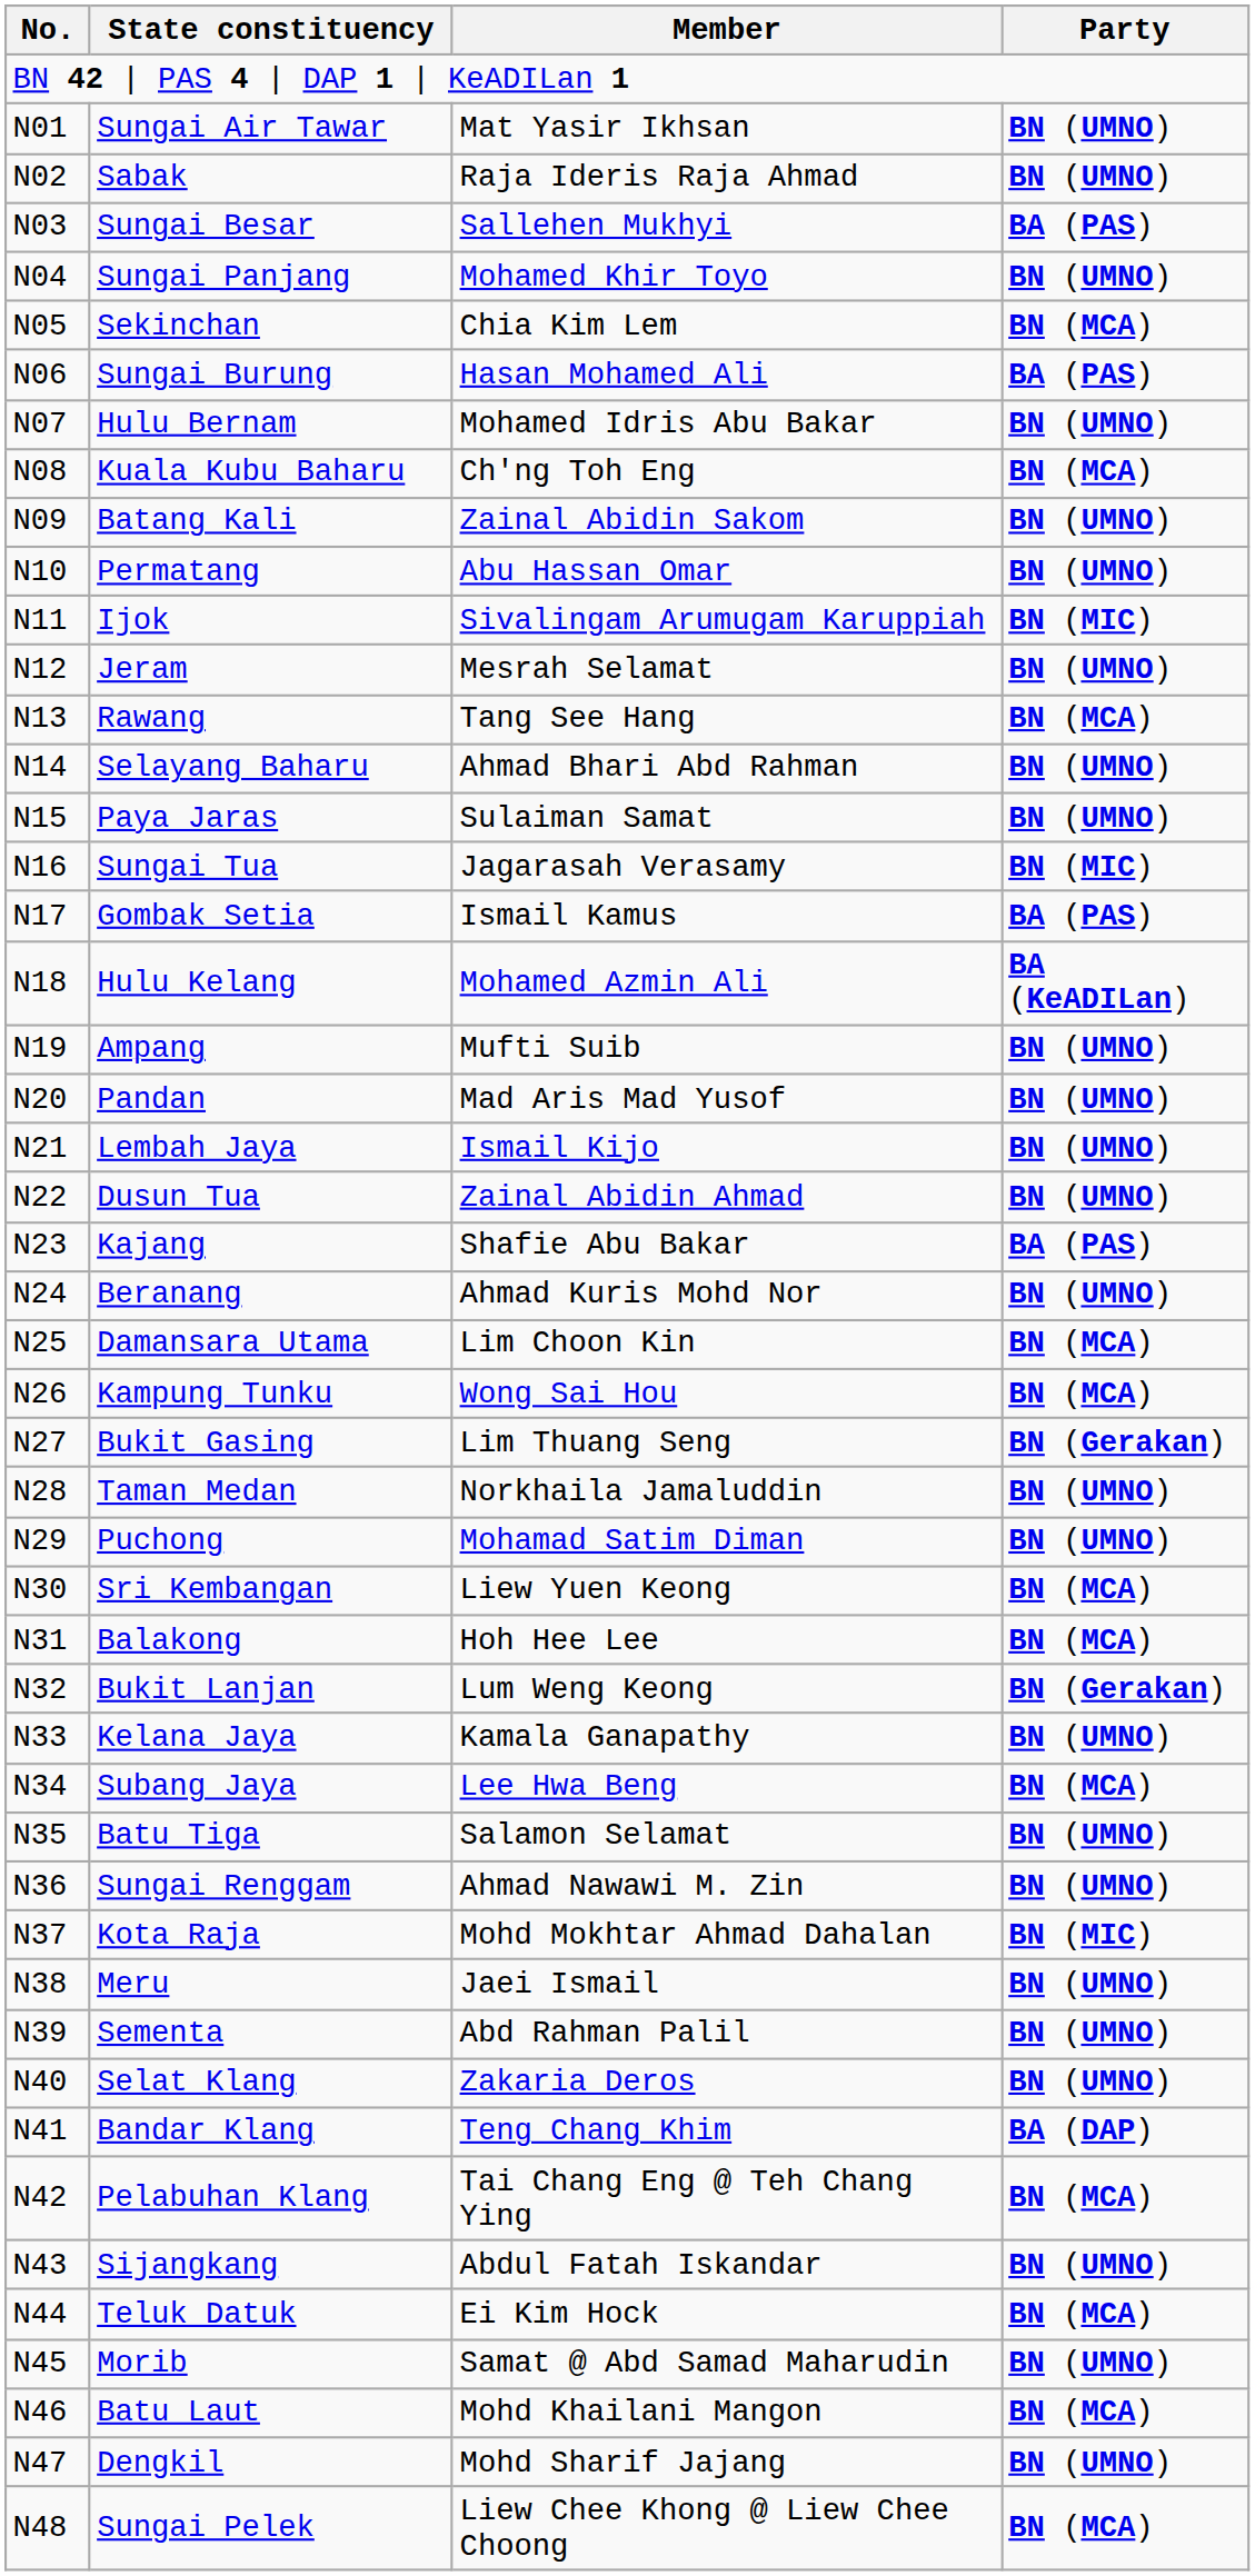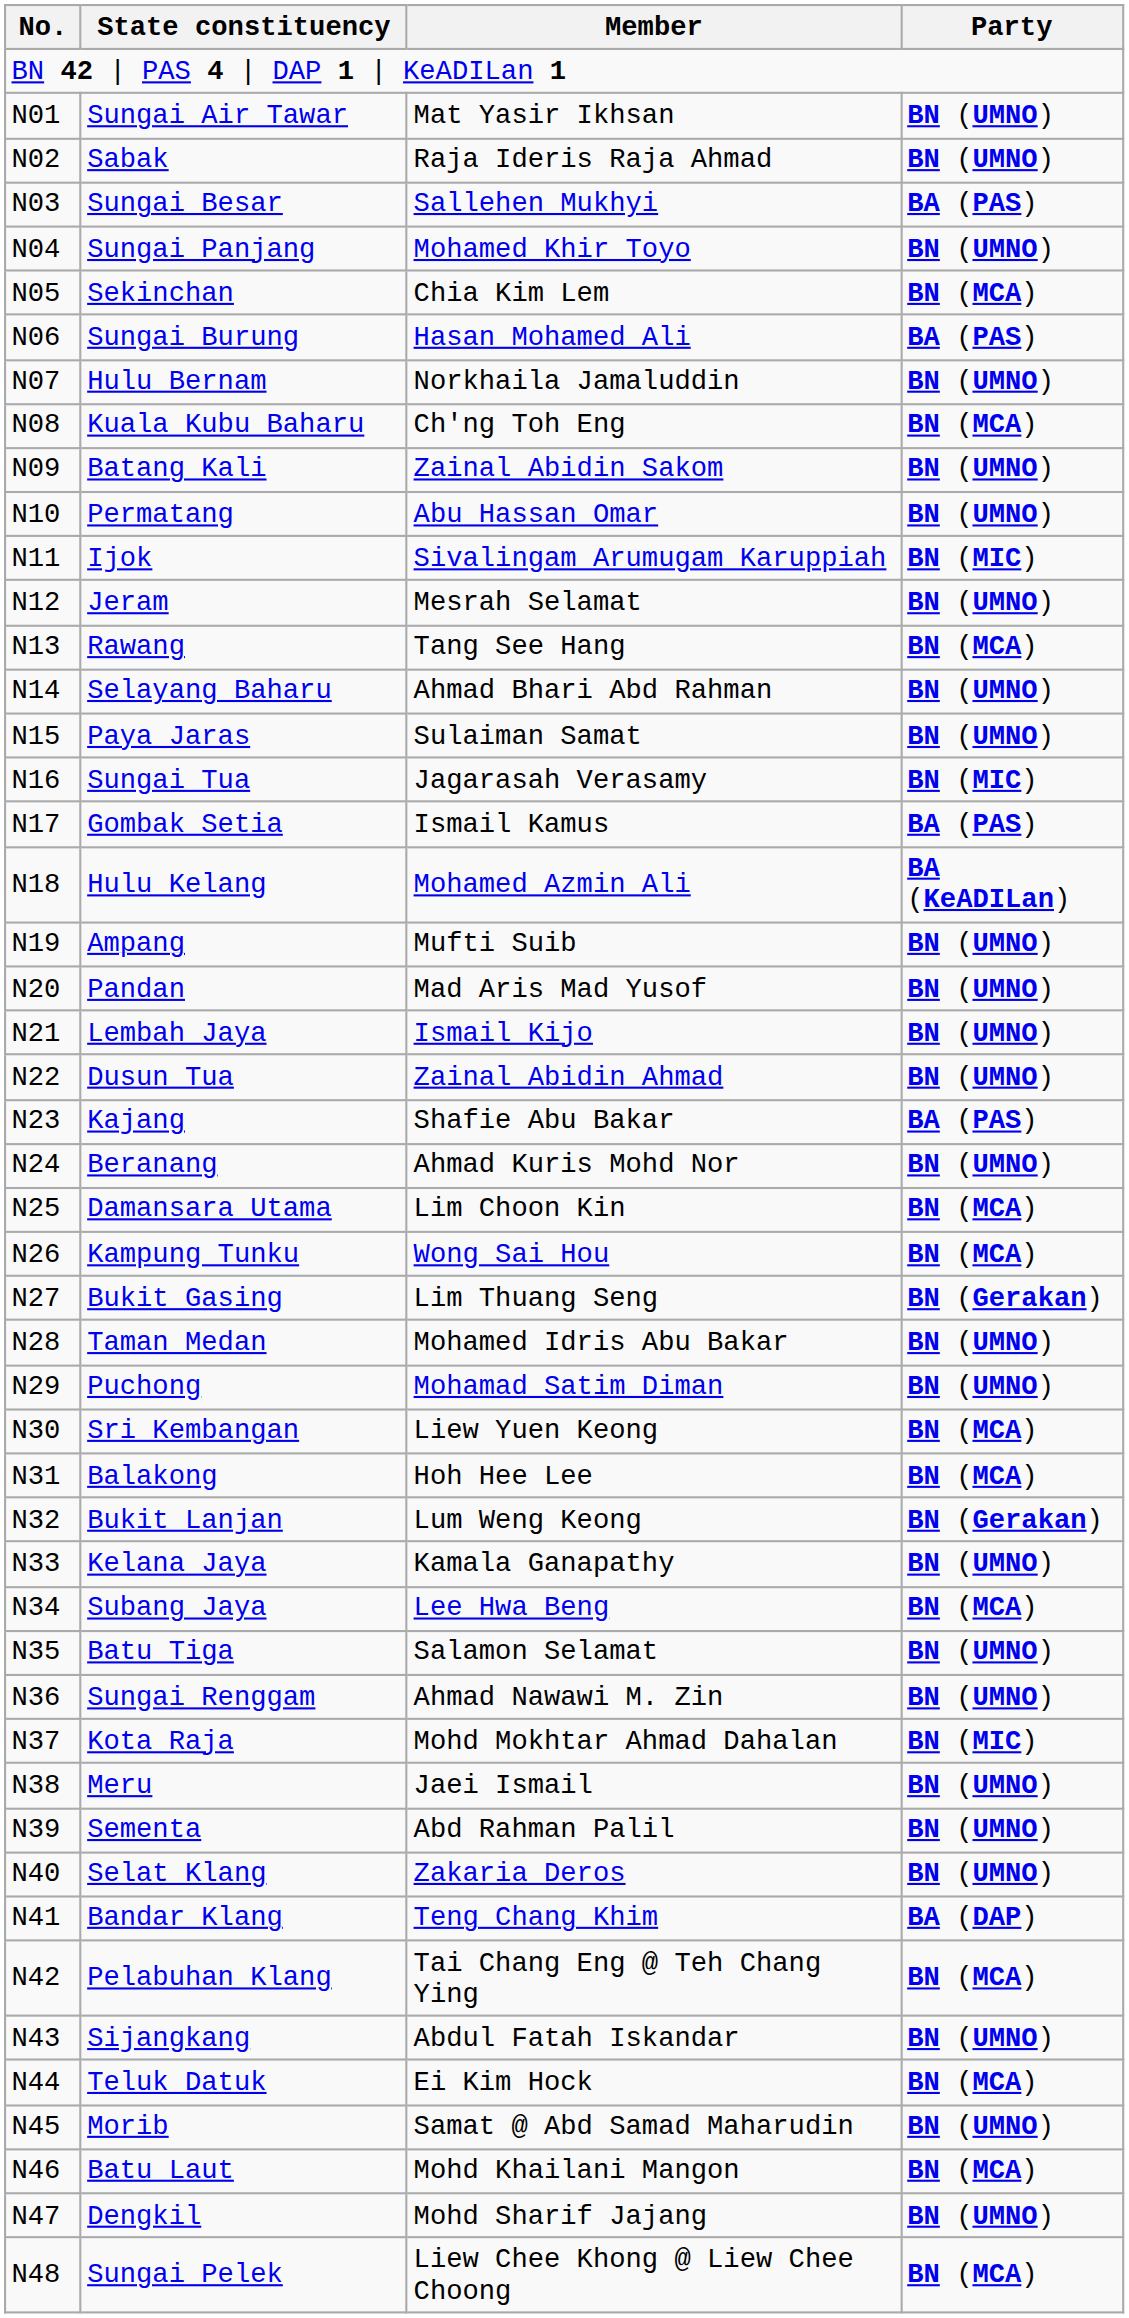 <table class="wikitable sortable">
 <tr>
 <th style="width:30px;">No.</th>
 <th style="width:150px;">State constituency</th>
 <th style="width:230px;">Member</th>
 <th style="width:100px;">Party</th>
 </tr>
 <tr>
 <td colspan="4"><a href='#'>BN</a> <strong>42</strong> | <a href='#'>PAS</a> <strong>4</strong> | <a href='#'>DAP</a> <strong>1</strong> | <a href='#'>KeADILan</a> <strong>1</strong></td>
 </tr>
 <tr>
 <td>N01</td>
 <td><a href='#'>Sungai Air Tawar</a></td>
 <td>Mat Yasir Ikhsan</td>
 <td><strong><a href='#'>BN</a></strong> (<strong><a href='#'>UMNO</a></strong>)</td>
 </tr>
 <tr>
 <td>N02</td>
 <td><a href='#'>Sabak</a></td>
 <td>Raja Ideris Raja Ahmad</td>
 <td><strong><a href='#'>BN</a></strong> (<strong><a href='#'>UMNO</a></strong>)</td>
 </tr>
 <tr>
 <td>N03</td>
 <td><a href='#'>Sungai Besar</a></td>
 <td><a href='#'>Sallehen Mukhyi</a></td>
 <td><strong><a href='#'>BA</a></strong> (<strong><a href='#'>PAS</a></strong>)</td>
 </tr>
 <tr>
 <td>N04</td>
 <td><a href='#'>Sungai Panjang</a></td>
 <td><a href='#'>Mohamed Khir Toyo</a></td>
 <td><strong><a href='#'>BN</a></strong> (<strong><a href='#'>UMNO</a></strong>)</td>
 </tr>
 <tr>
 <td>N05</td>
 <td><a href='#'>Sekinchan</a></td>
 <td>Chia Kim Lem</td>
 <td><strong><a href='#'>BN</a></strong> (<strong><a href='#'>MCA</a></strong>)</td>
 </tr>
 <tr>
 <td>N06</td>
 <td><a href='#'>Sungai Burung</a></td>
 <td><a href='#'>Hasan Mohamed Ali</a></td>
 <td><strong><a href='#'>BA</a></strong> (<strong><a href='#'>PAS</a></strong>)</td>
 </tr>
 <tr>
 <td>N07</td>
 <td><a href='#'>Hulu Bernam</a></td>
-<td>Mohamed Idris Abu Bakar</td>
+<td>Norkhaila Jamaluddin</td>
 <td><strong><a href='#'>BN</a></strong> (<strong><a href='#'>UMNO</a></strong>)</td>
 </tr>
 <tr>
 <td>N08</td>
 <td><a href='#'>Kuala Kubu Baharu</a></td>
 <td>Ch'ng Toh Eng</td>
 <td><strong><a href='#'>BN</a></strong> (<strong><a href='#'>MCA</a></strong>)</td>
 </tr>
 <tr>
 <td>N09</td>
 <td><a href='#'>Batang Kali</a></td>
 <td><a href='#'>Zainal Abidin Sakom</a></td>
 <td><strong><a href='#'>BN</a></strong> (<strong><a href='#'>UMNO</a></strong>)</td>
 </tr>
 <tr>
 <td>N10</td>
 <td><a href='#'>Permatang</a></td>
 <td><a href='#'>Abu Hassan Omar</a></td>
 <td><strong><a href='#'>BN</a></strong> (<strong><a href='#'>UMNO</a></strong>)</td>
 </tr>
 <tr>
 <td>N11</td>
 <td><a href='#'>Ijok</a></td>
 <td><a href='#'>Sivalingam Arumugam Karuppiah</a></td>
 <td><strong><a href='#'>BN</a></strong> (<strong><a href='#'>MIC</a></strong>)</td>
 </tr>
 <tr>
 <td>N12</td>
 <td><a href='#'>Jeram</a></td>
 <td>Mesrah Selamat</td>
 <td><strong><a href='#'>BN</a></strong> (<strong><a href='#'>UMNO</a></strong>)</td>
 </tr>
 <tr>
 <td>N13</td>
 <td><a href='#'>Rawang</a></td>
 <td>Tang See Hang</td>
 <td><strong><a href='#'>BN</a></strong> (<strong><a href='#'>MCA</a></strong>)</td>
 </tr>
 <tr>
 <td>N14</td>
 <td><a href='#'>Selayang Baharu</a></td>
 <td>Ahmad Bhari Abd Rahman</td>
 <td><strong><a href='#'>BN</a></strong> (<strong><a href='#'>UMNO</a></strong>)</td>
 </tr>
 <tr>
 <td>N15</td>
 <td><a href='#'>Paya Jaras</a></td>
 <td>Sulaiman Samat</td>
 <td><strong><a href='#'>BN</a></strong> (<strong><a href='#'>UMNO</a></strong>)</td>
 </tr>
 <tr>
 <td>N16</td>
 <td><a href='#'>Sungai Tua</a></td>
 <td>Jagarasah Verasamy</td>
 <td><strong><a href='#'>BN</a></strong> (<strong><a href='#'>MIC</a></strong>)</td>
 </tr>
 <tr>
 <td>N17</td>
 <td><a href='#'>Gombak Setia</a></td>
 <td>Ismail Kamus</td>
 <td><strong><a href='#'>BA</a></strong> (<strong><a href='#'>PAS</a></strong>)</td>
 </tr>
 <tr>
 <td>N18</td>
 <td><a href='#'>Hulu Kelang</a></td>
 <td><a href='#'>Mohamed Azmin Ali</a></td>
 <td><strong><a href='#'>BA</a></strong> (<strong><a href='#'>KeADILan</a></strong>)</td>
 </tr>
 <tr>
 <td>N19</td>
 <td><a href='#'>Ampang</a></td>
 <td>Mufti Suib</td>
 <td><strong><a href='#'>BN</a></strong> (<strong><a href='#'>UMNO</a></strong>)</td>
 </tr>
 <tr>
 <td>N20</td>
 <td><a href='#'>Pandan</a></td>
 <td>Mad Aris Mad Yusof</td>
 <td><strong><a href='#'>BN</a></strong> (<strong><a href='#'>UMNO</a></strong>)</td>
 </tr>
 <tr>
 <td>N21</td>
 <td><a href='#'>Lembah Jaya</a></td>
 <td><a href='#'>Ismail Kijo</a></td>
 <td><strong><a href='#'>BN</a></strong> (<strong><a href='#'>UMNO</a></strong>)</td>
 </tr>
 <tr>
 <td>N22</td>
 <td><a href='#'>Dusun Tua</a></td>
 <td><a href='#'>Zainal Abidin Ahmad</a></td>
 <td><strong><a href='#'>BN</a></strong> (<strong><a href='#'>UMNO</a></strong>)</td>
 </tr>
 <tr>
 <td>N23</td>
 <td><a href='#'>Kajang</a></td>
 <td>Shafie Abu Bakar</td>
 <td><strong><a href='#'>BA</a></strong> (<strong><a href='#'>PAS</a></strong>)</td>
 </tr>
 <tr>
 <td>N24</td>
 <td><a href='#'>Beranang</a></td>
 <td>Ahmad Kuris Mohd Nor</td>
 <td><strong><a href='#'>BN</a></strong> (<strong><a href='#'>UMNO</a></strong>)</td>
 </tr>
 <tr>
 <td>N25</td>
 <td><a href='#'>Damansara Utama</a></td>
 <td>Lim Choon Kin</td>
 <td><strong><a href='#'>BN</a></strong> (<strong><a href='#'>MCA</a></strong>)</td>
 </tr>
 <tr>
 <td>N26</td>
 <td><a href='#'>Kampung Tunku</a></td>
 <td><a href='#'>Wong Sai Hou</a></td>
 <td><strong><a href='#'>BN</a></strong> (<strong><a href='#'>MCA</a></strong>)</td>
 </tr>
 <tr>
 <td>N27</td>
 <td><a href='#'>Bukit Gasing</a></td>
 <td>Lim Thuang Seng</td>
 <td><strong><a href='#'>BN</a></strong> (<strong><a href='#'>Gerakan</a></strong>)</td>
 </tr>
 <tr>
 <td>N28</td>
 <td><a href='#'>Taman Medan</a></td>
-<td>Norkhaila Jamaluddin</td>
+<td>Mohamed Idris Abu Bakar</td>
 <td><strong><a href='#'>BN</a></strong> (<strong><a href='#'>UMNO</a></strong>)</td>
 </tr>
 <tr>
 <td>N29</td>
 <td><a href='#'>Puchong</a></td>
 <td><a href='#'>Mohamad Satim Diman</a></td>
 <td><strong><a href='#'>BN</a></strong> (<strong><a href='#'>UMNO</a></strong>)</td>
 </tr>
 <tr>
 <td>N30</td>
 <td><a href='#'>Sri Kembangan</a></td>
 <td>Liew Yuen Keong</td>
 <td><strong><a href='#'>BN</a></strong> (<strong><a href='#'>MCA</a></strong>)</td>
 </tr>
 <tr>
 <td>N31</td>
 <td><a href='#'>Balakong</a></td>
 <td>Hoh Hee Lee</td>
 <td><strong><a href='#'>BN</a></strong> (<strong><a href='#'>MCA</a></strong>)</td>
 </tr>
 <tr>
 <td>N32</td>
 <td><a href='#'>Bukit Lanjan</a></td>
 <td>Lum Weng Keong</td>
 <td><strong><a href='#'>BN</a></strong> (<strong><a href='#'>Gerakan</a></strong>)</td>
 </tr>
 <tr>
 <td>N33</td>
 <td><a href='#'>Kelana Jaya</a></td>
 <td>Kamala Ganapathy</td>
 <td><strong><a href='#'>BN</a></strong> (<strong><a href='#'>UMNO</a></strong>)</td>
 </tr>
 <tr>
 <td>N34</td>
 <td><a href='#'>Subang Jaya</a></td>
 <td><a href='#'>Lee Hwa Beng</a></td>
 <td><strong><a href='#'>BN</a></strong> (<strong><a href='#'>MCA</a></strong>)</td>
 </tr>
 <tr>
 <td>N35</td>
 <td><a href='#'>Batu Tiga</a></td>
 <td>Salamon Selamat</td>
 <td><strong><a href='#'>BN</a></strong> (<strong><a href='#'>UMNO</a></strong>)</td>
 </tr>
 <tr>
 <td>N36</td>
 <td><a href='#'>Sungai Renggam</a></td>
 <td>Ahmad Nawawi M. Zin</td>
 <td><strong><a href='#'>BN</a></strong> (<strong><a href='#'>UMNO</a></strong>)</td>
 </tr>
 <tr>
 <td>N37</td>
 <td><a href='#'>Kota Raja</a></td>
 <td>Mohd Mokhtar Ahmad Dahalan</td>
 <td><strong><a href='#'>BN</a></strong> (<strong><a href='#'>MIC</a></strong>)</td>
 </tr>
 <tr>
 <td>N38</td>
 <td><a href='#'>Meru</a></td>
 <td>Jaei Ismail</td>
 <td><strong><a href='#'>BN</a></strong> (<strong><a href='#'>UMNO</a></strong>)</td>
 </tr>
 <tr>
 <td>N39</td>
 <td><a href='#'>Sementa</a></td>
 <td>Abd Rahman Palil</td>
 <td><strong><a href='#'>BN</a></strong> (<strong><a href='#'>UMNO</a></strong>)</td>
 </tr>
 <tr>
 <td>N40</td>
 <td><a href='#'>Selat Klang</a></td>
 <td><a href='#'>Zakaria Deros</a></td>
 <td><strong><a href='#'>BN</a></strong> (<strong><a href='#'>UMNO</a></strong>)</td>
 </tr>
 <tr>
 <td>N41</td>
 <td><a href='#'>Bandar Klang</a></td>
 <td><a href='#'>Teng Chang Khim</a></td>
 <td><strong><a href='#'>BA</a></strong> (<strong><a href='#'>DAP</a></strong>)</td>
 </tr>
 <tr>
 <td>N42</td>
 <td><a href='#'>Pelabuhan Klang</a></td>
 <td>Tai Chang Eng @ Teh Chang Ying</td>
 <td><strong><a href='#'>BN</a></strong> (<strong><a href='#'>MCA</a></strong>)</td>
 </tr>
 <tr>
 <td>N43</td>
 <td><a href='#'>Sijangkang</a></td>
 <td>Abdul Fatah Iskandar</td>
 <td><strong><a href='#'>BN</a></strong> (<strong><a href='#'>UMNO</a></strong>)</td>
 </tr>
 <tr>
 <td>N44</td>
 <td><a href='#'>Teluk Datuk</a></td>
 <td>Ei Kim Hock</td>
 <td><strong><a href='#'>BN</a></strong> (<strong><a href='#'>MCA</a></strong>)</td>
 </tr>
 <tr>
 <td>N45</td>
 <td><a href='#'>Morib</a></td>
 <td>Samat @ Abd Samad Maharudin</td>
 <td><strong><a href='#'>BN</a></strong> (<strong><a href='#'>UMNO</a></strong>)</td>
 </tr>
 <tr>
 <td>N46</td>
 <td><a href='#'>Batu Laut</a></td>
 <td>Mohd Khailani Mangon</td>
 <td><strong><a href='#'>BN</a></strong> (<strong><a href='#'>MCA</a></strong>)</td>
 </tr>
 <tr>
 <td>N47</td>
 <td><a href='#'>Dengkil</a></td>
 <td>Mohd Sharif Jajang</td>
 <td><strong><a href='#'>BN</a></strong> (<strong><a href='#'>UMNO</a></strong>)</td>
 </tr>
 <tr>
 <td>N48</td>
 <td><a href='#'>Sungai Pelek</a></td>
 <td>Liew Chee Khong @ Liew Chee Choong</td>
 <td><strong><a href='#'>BN</a></strong> (<strong><a href='#'>MCA</a></strong>)</td>
 </tr>
 </table>
